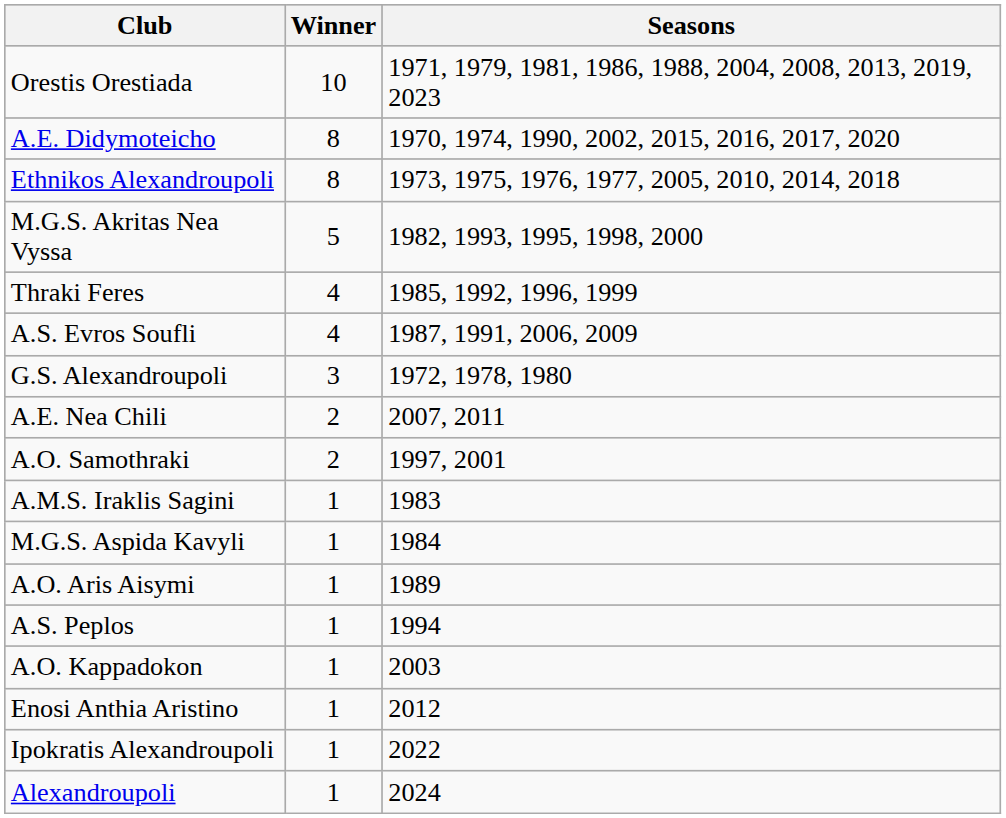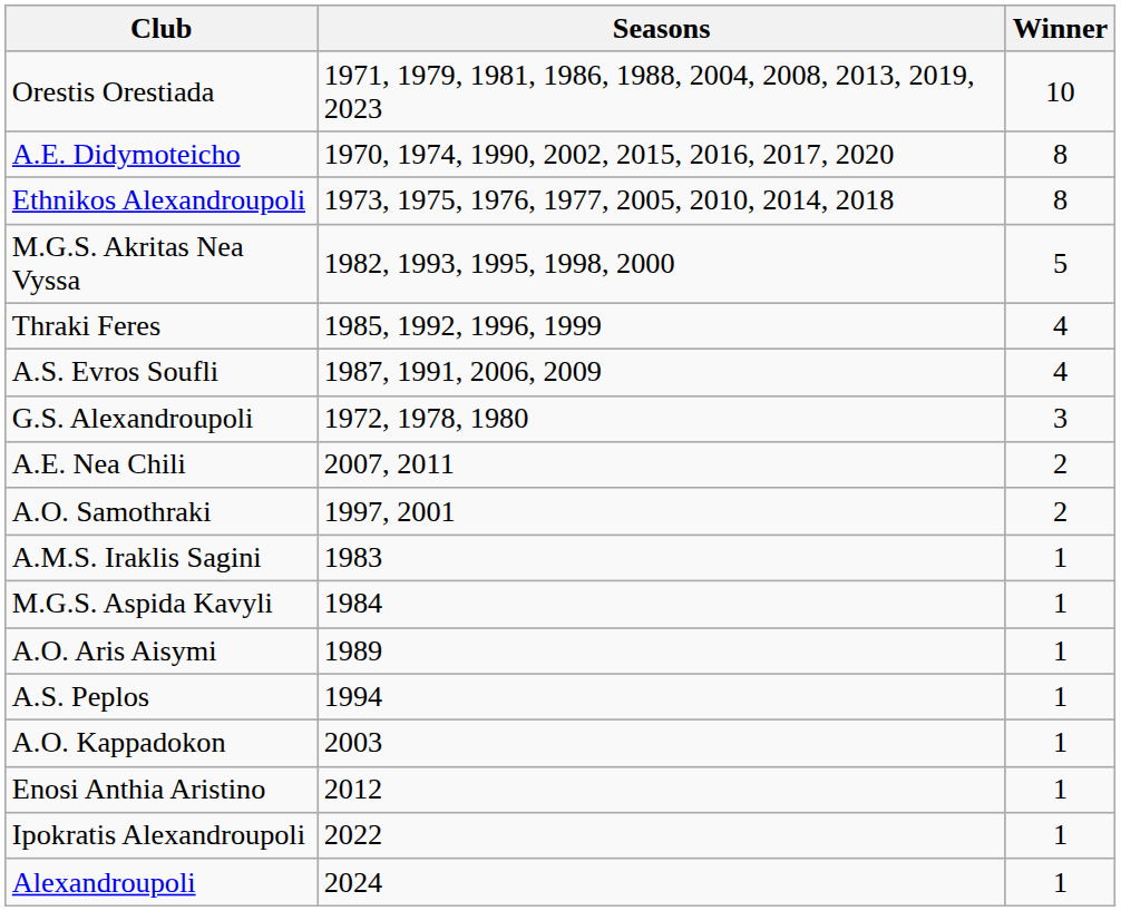 <table class="wikitable sortable" style="text-align: left">
 <tr>
 <th class="unsortable">Club</th>
+<th>Seasons</th>
 <th>Winner</th>
-<th>Seasons</th>
 </tr>
 <tr>
 <td>Orestis Orestiada</td>
+<td>1971, 1979, 1981, 1986, 1988, 2004, 2008, 2013, 2019, 2023</td>
 <td align="center">10</td>
-<td>1971, 1979, 1981, 1986, 1988, 2004, 2008, 2013, 2019, 2023</td>
 </tr>
 <tr>
 <td><a href='#'>A.E. Didymoteicho</a></td>
+<td>1970, 1974, 1990, 2002, 2015, 2016, 2017, 2020</td>
 <td align="center">8</td>
-<td>1970, 1974, 1990, 2002, 2015, 2016, 2017, 2020</td>
 </tr>
 <tr>
 <td><a href='#'>Ethnikos Alexandroupoli</a></td>
+<td>1973, 1975, 1976, 1977, 2005, 2010, 2014, 2018</td>
 <td align="center">8</td>
-<td>1973, 1975, 1976, 1977, 2005, 2010, 2014, 2018</td>
 </tr>
 <tr>
 <td>M.G.S. Akritas Nea Vyssa</td>
+<td>1982, 1993, 1995, 1998, 2000</td>
 <td align="center">5</td>
-<td>1982, 1993, 1995, 1998, 2000</td>
 </tr>
 <tr>
 <td>Thraki Feres</td>
+<td>1985, 1992, 1996, 1999</td>
 <td align="center">4</td>
-<td>1985, 1992, 1996, 1999</td>
 </tr>
 <tr>
 <td>A.S. Evros Soufli</td>
+<td>1987, 1991, 2006, 2009</td>
 <td align="center">4</td>
-<td>1987, 1991, 2006, 2009</td>
 </tr>
 <tr>
 <td>G.S. Alexandroupoli</td>
+<td>1972, 1978, 1980</td>
 <td align="center">3</td>
-<td>1972, 1978, 1980</td>
 </tr>
 <tr>
 <td>A.E. Nea Chili</td>
+<td>2007, 2011</td>
 <td align="center">2</td>
-<td>2007, 2011</td>
 </tr>
 <tr>
 <td>A.O. Samothraki</td>
+<td>1997, 2001</td>
 <td align="center">2</td>
-<td>1997, 2001</td>
 </tr>
 <tr>
 <td>A.M.S. Iraklis Sagini</td>
+<td>1983</td>
 <td align="center">1</td>
-<td>1983</td>
 </tr>
 <tr>
 <td>M.G.S. Aspida Kavyli</td>
+<td>1984</td>
 <td align="center">1</td>
-<td>1984</td>
 </tr>
 <tr>
 <td>A.O. Aris Aisymi</td>
+<td>1989</td>
 <td align="center">1</td>
-<td>1989</td>
 </tr>
 <tr>
 <td>A.S. Peplos</td>
+<td>1994</td>
 <td align="center">1</td>
-<td>1994</td>
 </tr>
 <tr>
 <td>A.O. Kappadokon</td>
+<td>2003</td>
 <td align="center">1</td>
-<td>2003</td>
 </tr>
 <tr>
 <td>Enosi Anthia Aristino</td>
+<td>2012</td>
 <td align="center">1</td>
-<td>2012</td>
 </tr>
 <tr>
 <td>Ipokratis Alexandroupoli</td>
+<td>2022</td>
 <td align="center">1</td>
-<td>2022</td>
 </tr>
 <tr>
 <td><a href='#'>Alexandroupoli</a></td>
+<td>2024</td>
 <td align="center">1</td>
-<td>2024</td>
 </tr>
 </table>
